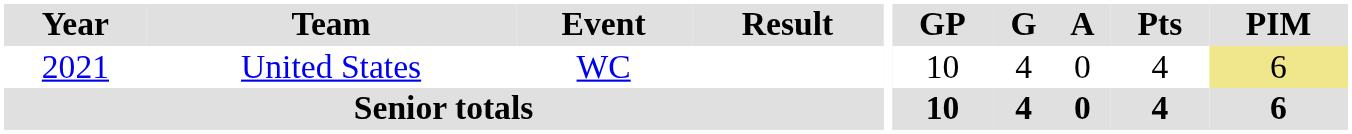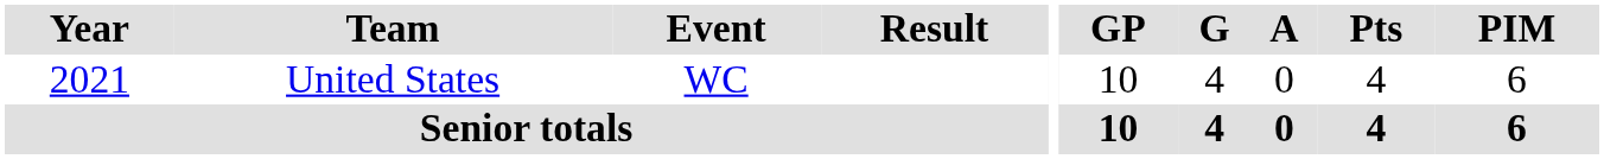 <table border="0" cellpadding="1" cellspacing="0" ID="Table3" style="text-align:center; width:40em">
 <tr ALIGN="center" bgcolor="#e0e0e0">
 <th>Year</th>
 <th>Team</th>
 <th>Event</th>
 <th>Result</th>
 <th rowspan="99" bgcolor="#ffffff"></th>
 <th>GP</th>
 <th>G</th>
 <th>A</th>
 <th>Pts</th>
 <th>PIM</th>
 </tr>
 <tr>
 <td><a href='#'>2021</a></td>
 <td><a href='#'>United States</a></td>
 <td><a href='#'>WC</a></td>
 <td></td>
 <td>10</td>
 <td>4</td>
 <td>0</td>
 <td>4</td>
-<td style="background: khaki;">6</td>
+<td>6</td>
 </tr>
 <tr bgcolor="#e0e0e0">
 <th colspan="4">Senior totals</th>
 <th>10</th>
 <th>4</th>
 <th>0</th>
 <th>4</th>
 <th>6</th>
 </tr>
 </table>
